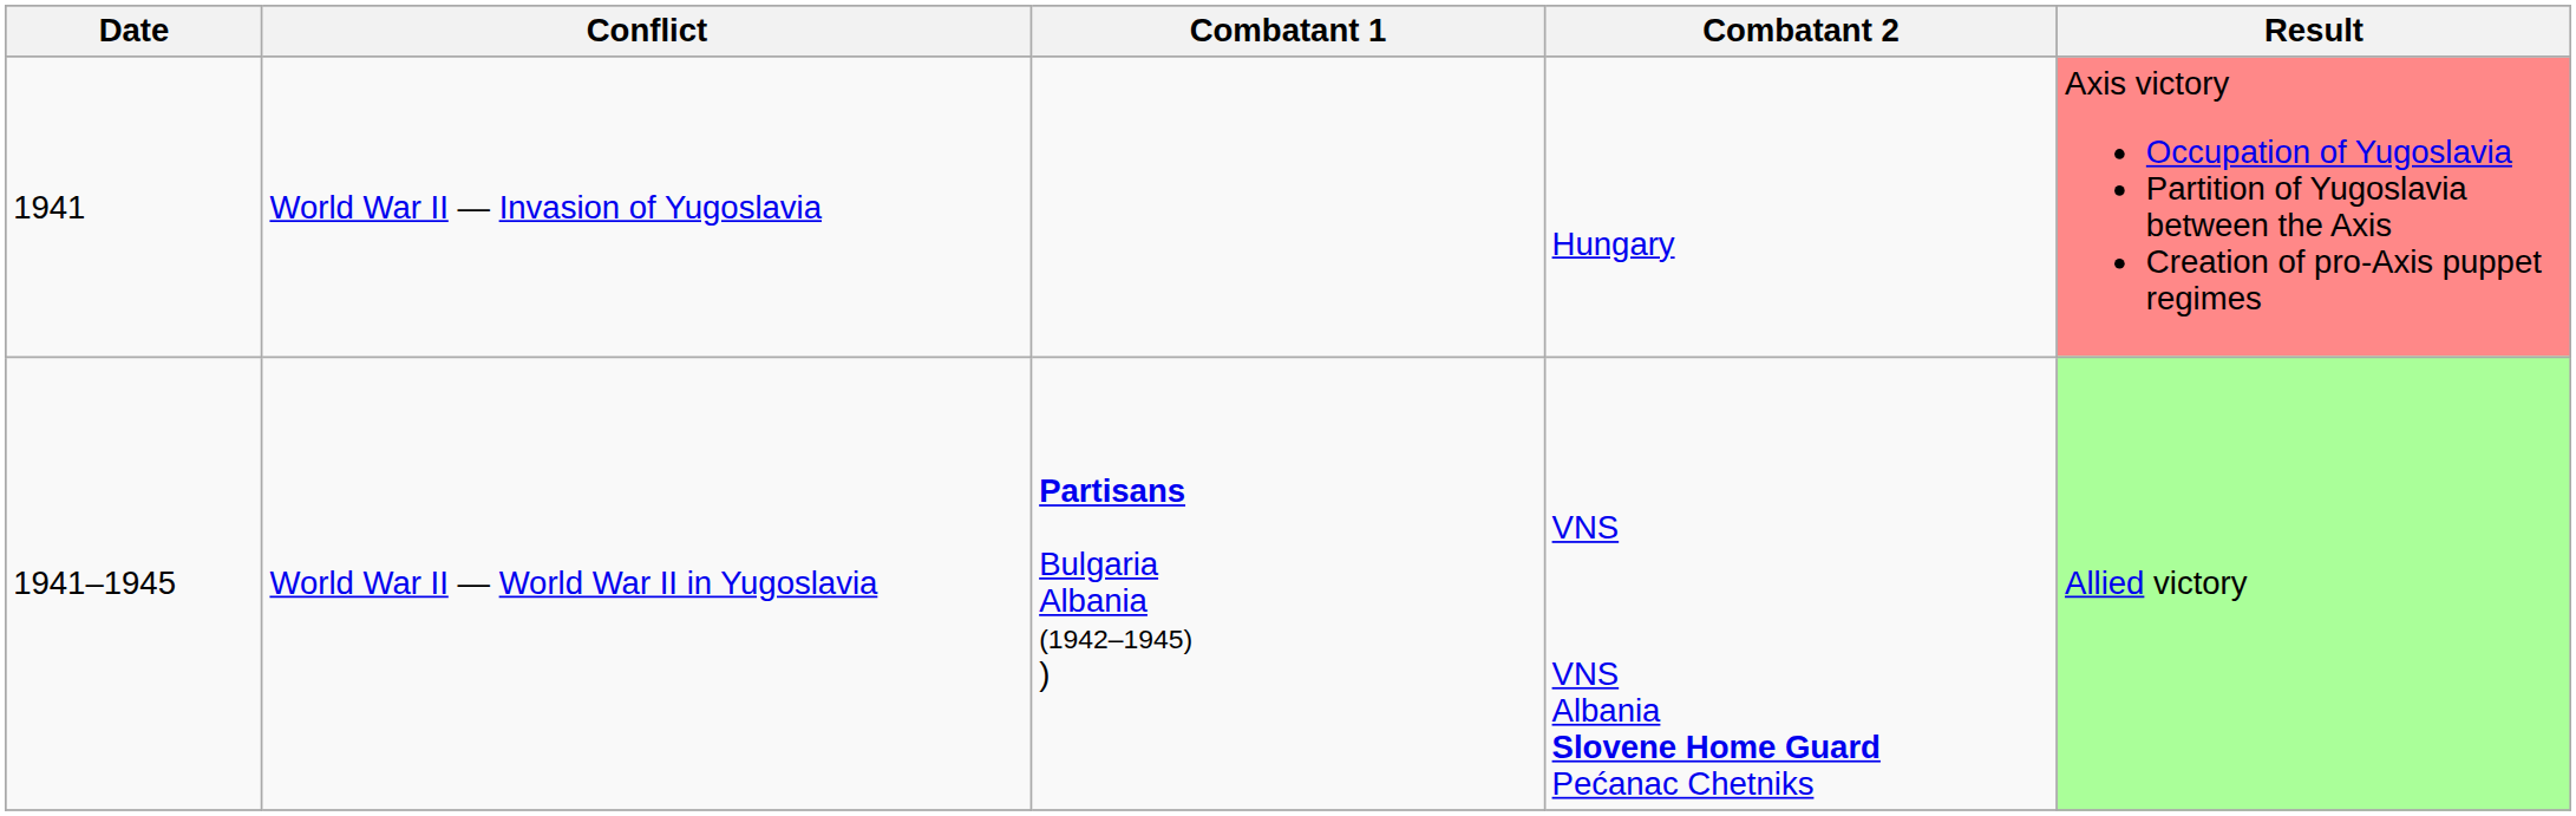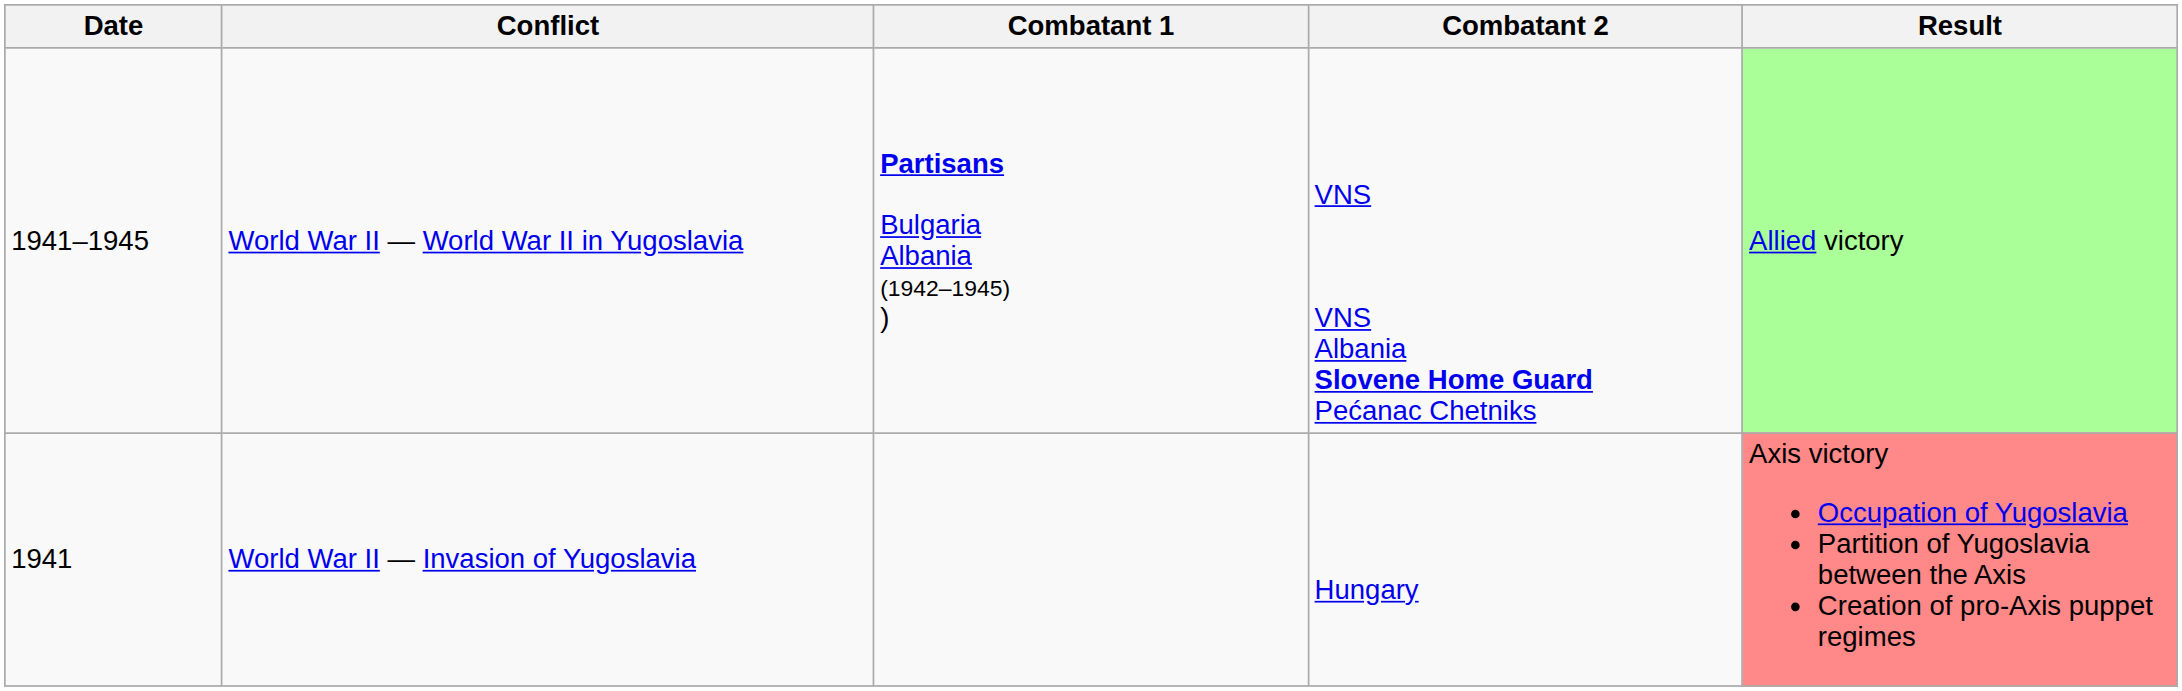 <table class="wikitable" width="100%">
 <tr>
 <th width="10%">Date</th>
 <th width="30%">Conflict</th>
 <th width="20%">Combatant 1</th>
 <th width="20%">Combatant 2</th>
 <th width="20%">Result</th>
 </tr>
 <tr>
+<td>1941–1945</td>
+<td><a href='#'>World War II</a> — <a href='#'>World War II in Yugoslavia</a></td>
+<td> <strong><a href='#'>Partisans</a></strong><br> <br>  <a href='#'>Bulgaria</a> <br> <a href='#'>Albania</a> <br> <small>(1942–1945)</small><br>  )</td>
+<td><br><br> <br> <br>  <a href='#'>VNS</a><br> <br>  <br> <br>  <a href='#'>VNS</a> <br>  <a href='#'>Albania</a> <br>  <strong><a href='#'>Slovene Home Guard</a></strong> <br>  <a href='#'>Pećanac Chetniks</a></td>
+<td style="background:#AF9"><a href='#'>Allied</a> victory</td>
+</tr>
+<tr>
 <td>1941</td>
 <td><a href='#'>World War II</a> — <a href='#'>Invasion of Yugoslavia</a></td>
 <td><strong></strong></td>
 <td><br><br> <a href='#'>Hungary</a></td>
 <td style="background:#F88">Axis victory<br><ul><li><a href='#'>Occupation of Yugoslavia</a></li><li>Partition of Yugoslavia between the Axis</li><li>Creation of pro-Axis puppet regimes</li></ul></td>
 </tr>
-<tr>
-<td>1941–1945</td>
-<td><a href='#'>World War II</a> — <a href='#'>World War II in Yugoslavia</a></td>
-<td> <strong><a href='#'>Partisans</a></strong><br> <br>  <a href='#'>Bulgaria</a> <br> <a href='#'>Albania</a> <br> <small>(1942–1945)</small><br>  )</td>
-<td><br><br> <br> <br>  <a href='#'>VNS</a><br> <br>  <br> <br>  <a href='#'>VNS</a> <br>  <a href='#'>Albania</a> <br>  <strong><a href='#'>Slovene Home Guard</a></strong> <br>  <a href='#'>Pećanac Chetniks</a></td>
-<td style="background:#AF9"><a href='#'>Allied</a> victory</td>
-</tr>
 </table>
